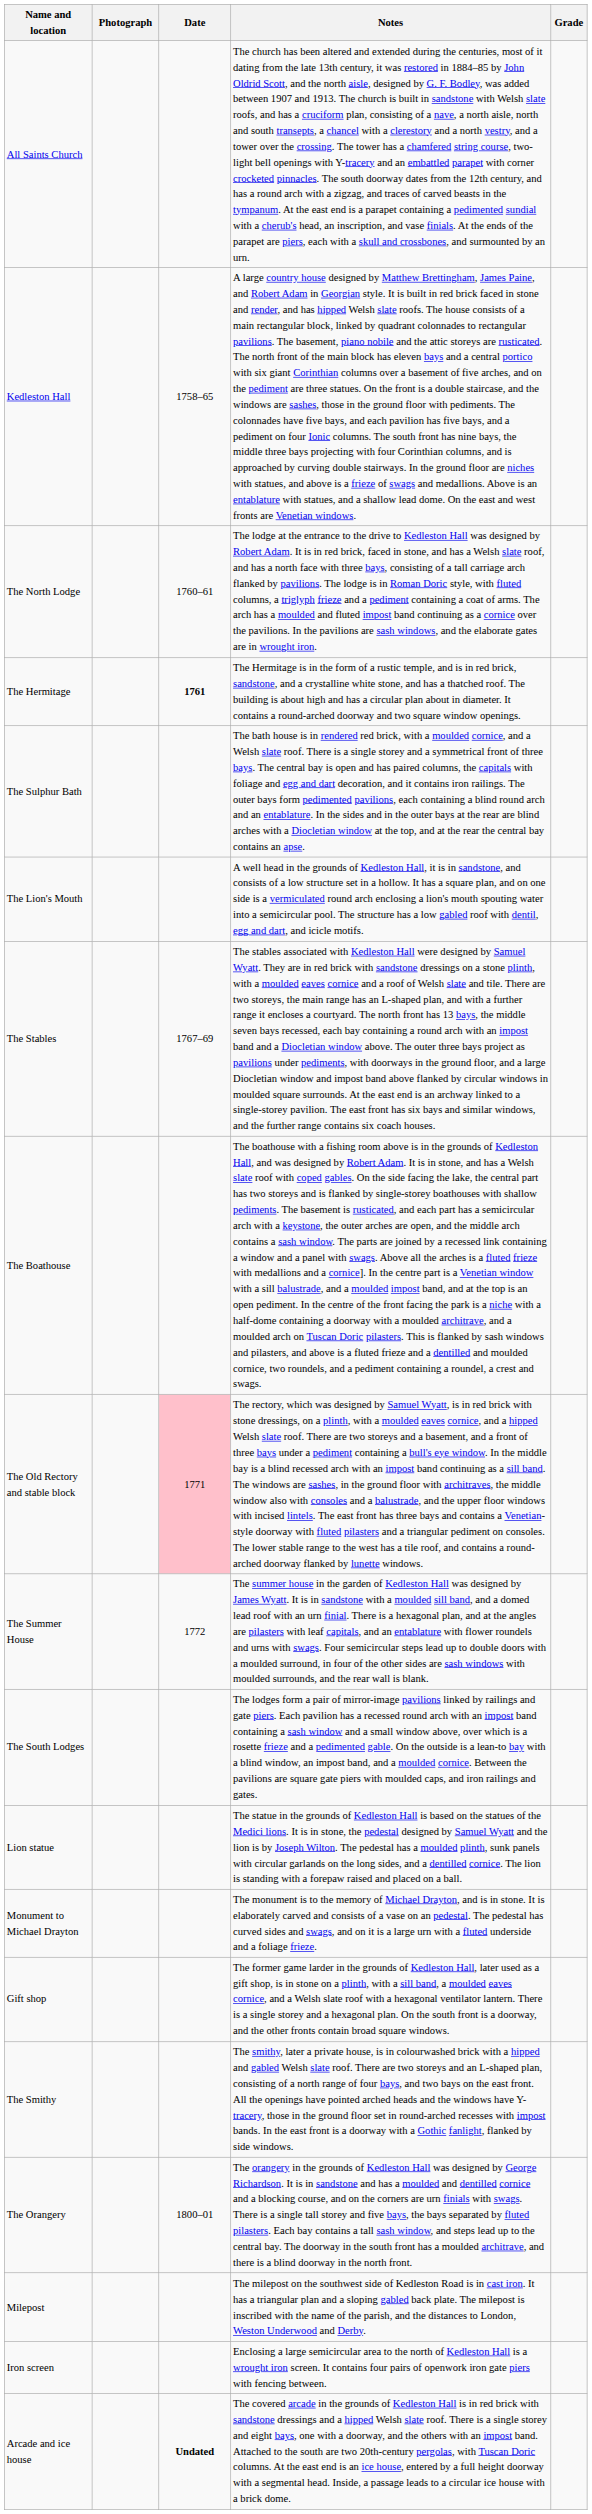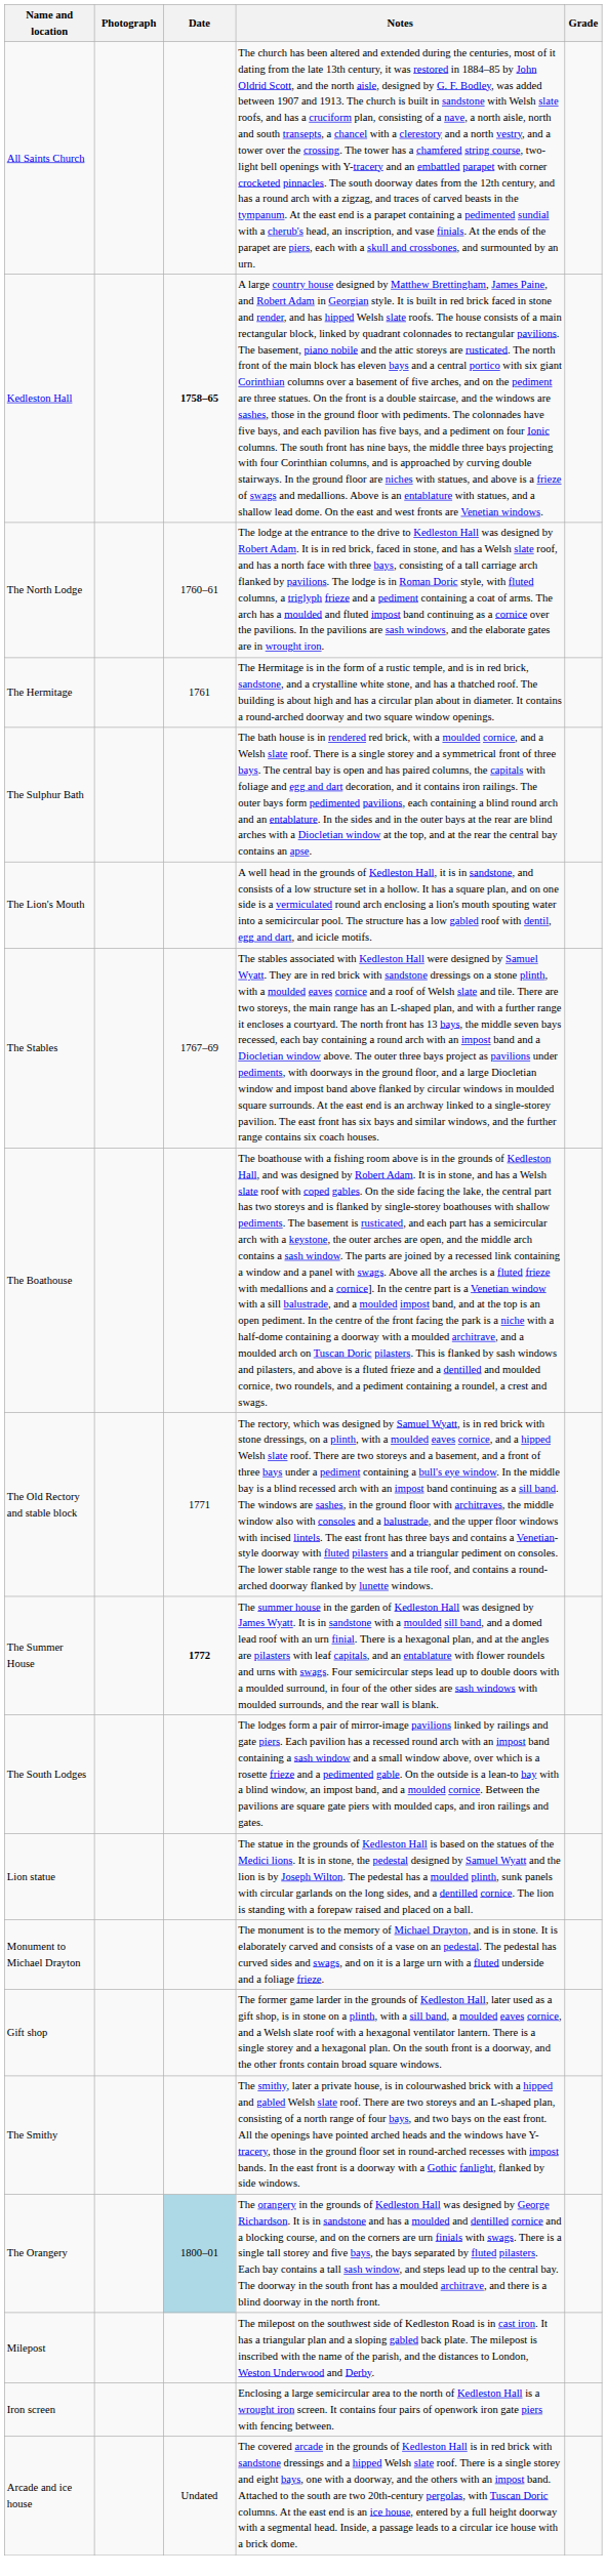 <table class="wikitable sortable plainrowheaders" style="width:100%; border:0; text-align:left; line-height:150%;">
 <tr>
 <th scope="col"  style="width:150px">Name and location</th>
 <th scope="col"  style="width:100px" class="unsortable">Photograph</th>
 <th scope="col"  style="width:120px">Date</th>
 <th scope="col"  style="width:650px" class="unsortable">Notes</th>
 <th scope="col"  style="width:50px">Grade</th>
 </tr>
 <tr>
 <td><a href='#'>All Saints Church</a><br><small></small></td>
 <td></td>
 <td align="center"></td>
 <td>The church has been altered and extended during the centuries, most of it dating from the late 13th century, it was <a href='#'>restored</a> in 1884–85 by <a href='#'>John Oldrid Scott</a>, and the north <a href='#'>aisle</a>, designed by <a href='#'>G. F. Bodley</a>, was added between 1907 and 1913.  The church is built in <a href='#'>sandstone</a> with Welsh <a href='#'>slate</a> roofs, and has a <a href='#'>cruciform</a> plan, consisting of a <a href='#'>nave</a>, a north aisle, north and south <a href='#'>transepts</a>, a <a href='#'>chancel</a> with a <a href='#'>clerestory</a> and a north <a href='#'>vestry</a>, and a tower over the <a href='#'>crossing</a>.  The tower has a <a href='#'>chamfered</a> <a href='#'>string course</a>, two-light bell openings with Y-<a href='#'>tracery</a> and an <a href='#'>embattled</a> <a href='#'>parapet</a> with corner <a href='#'>crocketed</a> <a href='#'>pinnacles</a>.  The south doorway dates from the 12th century, and has a round arch with a zigzag, and traces of carved beasts in the <a href='#'>tympanum</a>.  At the east end is a parapet containing a <a href='#'>pedimented</a> <a href='#'>sundial</a> with a <a href='#'>cherub's</a> head, an inscription, and vase <a href='#'>finials</a>.  At the ends of the parapet are <a href='#'>piers</a>, each with a <a href='#'>skull and crossbones</a>, and surmounted by an urn.</td>
 <td align="center" ></td>
 </tr>
 <tr>
 <td><a href='#'>Kedleston Hall</a><br><small></small></td>
 <td></td>
-<td align="center">1758–65</td>
+<td align="center"><strong>1758–65</strong></td>
 <td>A large <a href='#'>country house</a> designed by <a href='#'>Matthew Brettingham</a>, <a href='#'>James Paine</a>, and <a href='#'>Robert Adam</a> in <a href='#'>Georgian</a> style.  It is built in red brick faced in stone and <a href='#'>render</a>, and has <a href='#'>hipped</a> Welsh <a href='#'>slate</a> roofs.  The house consists of a main rectangular block, linked by quadrant colonnades to rectangular <a href='#'>pavilions</a>.  The basement, <a href='#'>piano nobile</a> and the attic storeys are <a href='#'>rusticated</a>.  The north front of the main block has eleven <a href='#'>bays</a> and a central <a href='#'>portico</a> with six giant <a href='#'>Corinthian</a> columns over a basement of five arches, and on the <a href='#'>pediment</a> are three statues.  On the front is a double staircase, and the windows are <a href='#'>sashes</a>, those in the ground floor with pediments.  The colonnades have five bays, and each pavilion has five bays, and a pediment on four <a href='#'>Ionic</a> columns.  The south front has nine bays, the middle three bays projecting with four Corinthian columns, and is approached by curving double stairways.  In the ground floor are <a href='#'>niches</a> with statues, and above is a <a href='#'>frieze</a> of <a href='#'>swags</a> and medallions.  Above is an <a href='#'>entablature</a> with statues, and a shallow lead dome.  On the east and west fronts are <a href='#'>Venetian windows</a>.</td>
 <td align="center" ></td>
 </tr>
 <tr>
 <td>The North Lodge<br><small></small></td>
 <td></td>
 <td align="center">1760–61</td>
 <td>The lodge at the entrance to the drive to <a href='#'>Kedleston Hall</a> was designed by <a href='#'>Robert Adam</a>.  It is in red brick, faced in stone, and has a Welsh <a href='#'>slate</a> roof, and has a north face with three <a href='#'>bays</a>, consisting of a tall carriage arch flanked by <a href='#'>pavilions</a>.  The lodge is in <a href='#'>Roman Doric</a> style, with <a href='#'>fluted</a> columns, a <a href='#'>triglyph</a> <a href='#'>frieze</a> and a <a href='#'>pediment</a> containing a coat of arms. The arch has a <a href='#'>moulded</a> and fluted <a href='#'>impost</a> band continuing as a <a href='#'>cornice</a> over the pavilions.  In the pavilions are <a href='#'>sash windows</a>, and the elaborate gates are in <a href='#'>wrought iron</a>.</td>
 <td align="center" ></td>
 </tr>
 <tr>
 <td>The Hermitage<br><small></small></td>
 <td></td>
-<td align="center"><strong>1761</strong></td>
+<td align="center">1761</td>
 <td>The Hermitage is in the form of a rustic temple, and is in red brick, <a href='#'>sandstone</a>, and a crystalline white stone, and has a thatched roof.  The building is about  high and has a circular plan about  in diameter.  It contains a round-arched doorway and two square window openings.</td>
 <td align="center" ></td>
 </tr>
 <tr>
 <td>The Sulphur Bath<br><small></small></td>
 <td></td>
 <td align="center"></td>
 <td>The bath house is in <a href='#'>rendered</a> red brick, with a <a href='#'>moulded</a> <a href='#'>cornice</a>, and a Welsh <a href='#'>slate</a> roof.  There is a single storey and a symmetrical front of three <a href='#'>bays</a>. The central bay is open and has paired columns, the <a href='#'>capitals</a> with foliage and <a href='#'>egg and dart</a> decoration, and it contains iron railings.  The outer bays form <a href='#'>pedimented</a> <a href='#'>pavilions</a>, each containing a blind round arch and an <a href='#'>entablature</a>.  In the sides and in the outer bays at the rear are blind arches with a <a href='#'>Diocletian window</a> at the top, and at the rear the central bay contains an <a href='#'>apse</a>.</td>
 <td align="center" ></td>
 </tr>
 <tr>
 <td>The Lion's Mouth<br><small></small></td>
 <td></td>
 <td align="center"></td>
 <td>A well head in the grounds of <a href='#'>Kedleston Hall</a>, it is in <a href='#'>sandstone</a>, and consists of a low structure set in a hollow.  It has a square plan, and on one side is a <a href='#'>vermiculated</a> round arch enclosing a lion's mouth spouting water into a semicircular pool. The structure has a low <a href='#'>gabled</a> roof with  <a href='#'>dentil</a>, <a href='#'>egg and dart</a>, and icicle motifs.</td>
 <td align="center" ></td>
 </tr>
 <tr>
 <td>The Stables<br><small></small></td>
 <td></td>
 <td align="center">1767–69</td>
 <td>The stables associated with <a href='#'>Kedleston Hall</a> were designed by <a href='#'>Samuel Wyatt</a>.  They are in red brick with <a href='#'>sandstone</a> dressings on a stone <a href='#'>plinth</a>, with a <a href='#'>moulded</a> <a href='#'>eaves</a> <a href='#'>cornice</a> and a roof of Welsh <a href='#'>slate</a> and tile.  There are two storeys, the main range has an L-shaped plan, and with a further range it encloses a courtyard.  The north front has 13 <a href='#'>bays</a>, the middle seven bays recessed, each bay containing a round arch with an <a href='#'>impost</a> band and a <a href='#'>Diocletian window</a> above.  The outer three bays project as <a href='#'>pavilions</a> under <a href='#'>pediments</a>, with doorways in the ground floor, and a large Diocletian window and impost band above flanked by circular windows in moulded square surrounds.  At the east end is an archway linked to a single-storey pavilion.  The east front has six bays and similar windows, and the further range contains six coach houses.</td>
 <td align="center" ></td>
 </tr>
 <tr>
 <td>The Boathouse<br><small></small></td>
 <td></td>
 <td align="center"></td>
 <td>The boathouse with a fishing room above is in the grounds of <a href='#'>Kedleston Hall</a>, and was designed by <a href='#'>Robert Adam</a>.  It is in stone, and has a Welsh <a href='#'>slate</a> roof with <a href='#'>coped</a> <a href='#'>gables</a>.  On the side facing the lake, the central part has two storeys and is flanked by single-storey boathouses with shallow <a href='#'>pediments</a>.  The basement is <a href='#'>rusticated</a>, and each part has a semicircular arch with a <a href='#'>keystone</a>, the outer arches are open, and the middle arch contains a <a href='#'>sash window</a>.  The parts are joined by a recessed link containing a window and a panel with <a href='#'>swags</a>.  Above all the arches is a <a href='#'>fluted</a> <a href='#'>frieze</a> with medallions and a <a href='#'>cornice</a>].  In the centre part is a <a href='#'>Venetian window</a> with a sill <a href='#'>balustrade</a>, and a <a href='#'>moulded</a> <a href='#'>impost</a> band, and at the top is an open pediment.  In the centre of the front facing the park is a <a href='#'>niche</a> with a half-dome containing a doorway with a moulded <a href='#'>architrave</a>, and a moulded arch on <a href='#'>Tuscan Doric</a> <a href='#'>pilasters</a>.  This is flanked by sash windows and pilasters, and above is a fluted frieze and a <a href='#'>dentilled</a> and moulded cornice, two roundels, and a pediment containing a roundel, a crest and swags.</td>
 <td align="center" ></td>
 </tr>
 <tr>
 <td>The Old Rectory and stable block<br><small></small></td>
 <td></td>
-<td align="center" style="background: pink;">1771</td>
+<td align="center">1771</td>
 <td>The rectory, which was designed by <a href='#'>Samuel Wyatt</a>, is in red brick with stone dressings, on a <a href='#'>plinth</a>, with a <a href='#'>moulded</a> <a href='#'>eaves</a> <a href='#'>cornice</a>, and a <a href='#'>hipped</a> Welsh <a href='#'>slate</a> roof.  There are two storeys and a basement, and a front of three <a href='#'>bays</a> under a <a href='#'>pediment</a> containing a <a href='#'>bull's eye window</a>.  In the middle bay is a blind recessed arch with an <a href='#'>impost</a> band continuing as a <a href='#'>sill band</a>.  The windows are <a href='#'>sashes</a>, in the ground floor with <a href='#'>architraves</a>, the middle window also with <a href='#'>consoles</a> and a <a href='#'>balustrade</a>, and the upper floor windows with incised <a href='#'>lintels</a>.  The east front has three bays and contains a <a href='#'>Venetian</a>-style doorway with <a href='#'>fluted</a> <a href='#'>pilasters</a> and a triangular pediment on consoles.  The lower stable range to the west has a tile roof, and contains a round-arched doorway flanked by <a href='#'>lunette</a> windows.</td>
 <td align="center" ></td>
 </tr>
 <tr>
 <td>The Summer House<br><small></small></td>
 <td></td>
-<td align="center">1772</td>
+<td align="center"><strong>1772</strong></td>
 <td>The <a href='#'>summer house</a> in the garden of <a href='#'>Kedleston Hall</a> was designed by <a href='#'>James Wyatt</a>.  It is in <a href='#'>sandstone</a> with a <a href='#'>moulded</a> <a href='#'>sill band</a>, and a domed lead roof with an urn <a href='#'>finial</a>.  There is a hexagonal plan, and at the angles are <a href='#'>pilasters</a> with leaf <a href='#'>capitals</a>, and an <a href='#'>entablature</a> with flower roundels and urns with <a href='#'>swags</a>.  Four semicircular steps lead up to double doors with a moulded surround, in four of the other sides are <a href='#'>sash windows</a> with moulded surrounds, and the rear wall is blank.</td>
 <td align="center" ></td>
 </tr>
 <tr>
 <td>The South Lodges<br><small></small></td>
 <td></td>
 <td align="center"></td>
 <td>The lodges form a pair of mirror-image <a href='#'>pavilions</a> linked by railings and gate <a href='#'>piers</a>.  Each pavilion has a recessed round arch with an <a href='#'>impost</a> band containing a <a href='#'>sash window</a> and a small window above, over which is a rosette <a href='#'>frieze</a> and a <a href='#'>pedimented</a> <a href='#'>gable</a>.  On the outside is a lean-to <a href='#'>bay</a> with a blind window, an impost band, and a <a href='#'>moulded</a> <a href='#'>cornice</a>.  Between the pavilions are square gate piers with moulded caps, and iron railings and gates.</td>
 <td align="center" ></td>
 </tr>
 <tr>
 <td>Lion statue<br><small></small></td>
 <td></td>
 <td align="center"></td>
 <td>The statue in the grounds of <a href='#'>Kedleston Hall</a> is based on the statues of the <a href='#'>Medici lions</a>.  It is in stone, the <a href='#'>pedestal</a> designed by <a href='#'>Samuel Wyatt</a> and the lion is by <a href='#'>Joseph Wilton</a>.  The pedestal has a <a href='#'>moulded</a> <a href='#'>plinth</a>, sunk panels with circular garlands on the long sides, and a <a href='#'>dentilled</a> <a href='#'>cornice</a>.  The lion is standing with a forepaw raised and placed on a ball.</td>
 <td align="center" ></td>
 </tr>
 <tr>
 <td>Monument to Michael Drayton<br><small></small></td>
 <td></td>
 <td align="center"></td>
 <td>The monument is to the memory of <a href='#'>Michael Drayton</a>, and is in stone.  It is elaborately carved and consists of a vase on an <a href='#'>pedestal</a>.  The pedestal has curved sides and <a href='#'>swags</a>, and on it is a large urn with a <a href='#'>fluted</a> underside and a foliage <a href='#'>frieze</a>.</td>
 <td align="center" ></td>
 </tr>
 <tr>
 <td>Gift shop<br><small></small></td>
 <td></td>
 <td align="center"></td>
 <td>The former game larder in the grounds of <a href='#'>Kedleston Hall</a>, later used as a gift shop, is in stone on a <a href='#'>plinth</a>, with a <a href='#'>sill band</a>, a <a href='#'>moulded</a> <a href='#'>eaves</a> <a href='#'>cornice</a>, and a Welsh slate roof with a hexagonal ventilator lantern.  There is a single storey and a hexagonal plan.  On the south front is a doorway, and the other fronts contain broad square windows.</td>
 <td align="center" ></td>
 </tr>
 <tr>
 <td>The Smithy<br><small></small></td>
 <td></td>
 <td align="center"></td>
 <td>The <a href='#'>smithy</a>, later a private house, is in colourwashed brick with a <a href='#'>hipped</a> and <a href='#'>gabled</a> Welsh <a href='#'>slate</a> roof.  There are two storeys and an L-shaped plan, consisting of a north range of four <a href='#'>bays</a>, and two bays on the east front.  All the openings have pointed arched heads and the windows have Y-<a href='#'>tracery</a>, those in the ground floor set in round-arched recesses with <a href='#'>impost</a> bands.  In the east front is a doorway with a <a href='#'>Gothic</a> <a href='#'>fanlight</a>, flanked by side windows.</td>
 <td align="center" ></td>
 </tr>
 <tr>
 <td>The Orangery<br><small></small></td>
 <td></td>
-<td align="center">1800–01</td>
+<td align="center" style="background: lightblue;">1800–01</td>
 <td>The <a href='#'>orangery</a> in the grounds of <a href='#'>Kedleston Hall</a> was designed by <a href='#'>George Richardson</a>.  It is in <a href='#'>sandstone</a> and has a <a href='#'>moulded</a> and <a href='#'>dentilled</a> <a href='#'>cornice</a> and a blocking course, and on the corners are urn <a href='#'>finials</a> with <a href='#'>swags</a>.  There is a single tall storey and five <a href='#'>bays</a>, the bays separated by <a href='#'>fluted</a> <a href='#'>pilasters</a>.  Each bay contains a tall <a href='#'>sash window</a>, and steps lead up to the central bay.  The doorway in the south front has a moulded <a href='#'>architrave</a>, and there is a blind doorway in the north front.</td>
 <td align="center" ></td>
 </tr>
 <tr>
 <td>Milepost<br><small></small></td>
 <td></td>
 <td align="center"></td>
 <td>The milepost on the southwest side of Kedleston Road is in <a href='#'>cast iron</a>.  It has a triangular plan and a sloping <a href='#'>gabled</a> back plate.  The milepost is inscribed with the name of the parish, and the distances to London, <a href='#'>Weston Underwood</a> and <a href='#'>Derby</a>.</td>
 <td align="center" ></td>
 </tr>
 <tr>
 <td>Iron screen<br><small></small></td>
 <td></td>
 <td align="center"></td>
 <td>Enclosing a large semicircular area to the north of <a href='#'>Kedleston Hall</a> is a <a href='#'>wrought iron</a> screen.  It contains four pairs of openwork iron gate <a href='#'>piers</a> with fencing between.</td>
 <td align="center" ></td>
 </tr>
 <tr>
 <td>Arcade and ice house<br><small></small></td>
 <td></td>
-<td align="center"><strong>Undated</strong></td>
+<td align="center">Undated</td>
 <td>The covered <a href='#'>arcade</a> in the grounds of <a href='#'>Kedleston Hall</a> is in red brick with <a href='#'>sandstone</a> dressings and a <a href='#'>hipped</a> Welsh <a href='#'>slate</a> roof.  There is a single storey and eight <a href='#'>bays</a>, one with a doorway, and the others with an <a href='#'>impost</a> band.  Attached to the south are two 20th-century <a href='#'>pergolas</a>, with <a href='#'>Tuscan Doric</a> columns.  At the east end is an <a href='#'>ice house</a>, entered by a full height doorway with a segmental head.  Inside, a passage leads to a circular ice house with a brick dome.</td>
 <td align="center" ></td>
 </tr>
 <tr>
 </tr>
 </table>
